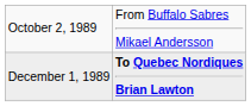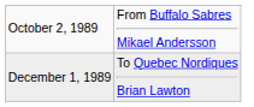 <table class="wikitable">
 <tr>
 <td>October 2, 1989</td>
 <td valign="top">From <a href='#'>Buffalo Sabres</a><hr><a href='#'>Mikael Andersson</a></td>
 </tr>
 <tr style="background:#eee;">
 <td>December 1, 1989</td>
-<td valign="top"><strong>To <a href='#'>Quebec Nordiques</a><hr><a href='#'>Brian Lawton</a></strong></td>
+<td valign="top">To <a href='#'>Quebec Nordiques</a><hr><a href='#'>Brian Lawton</a></td>
 </tr>
 </table>
